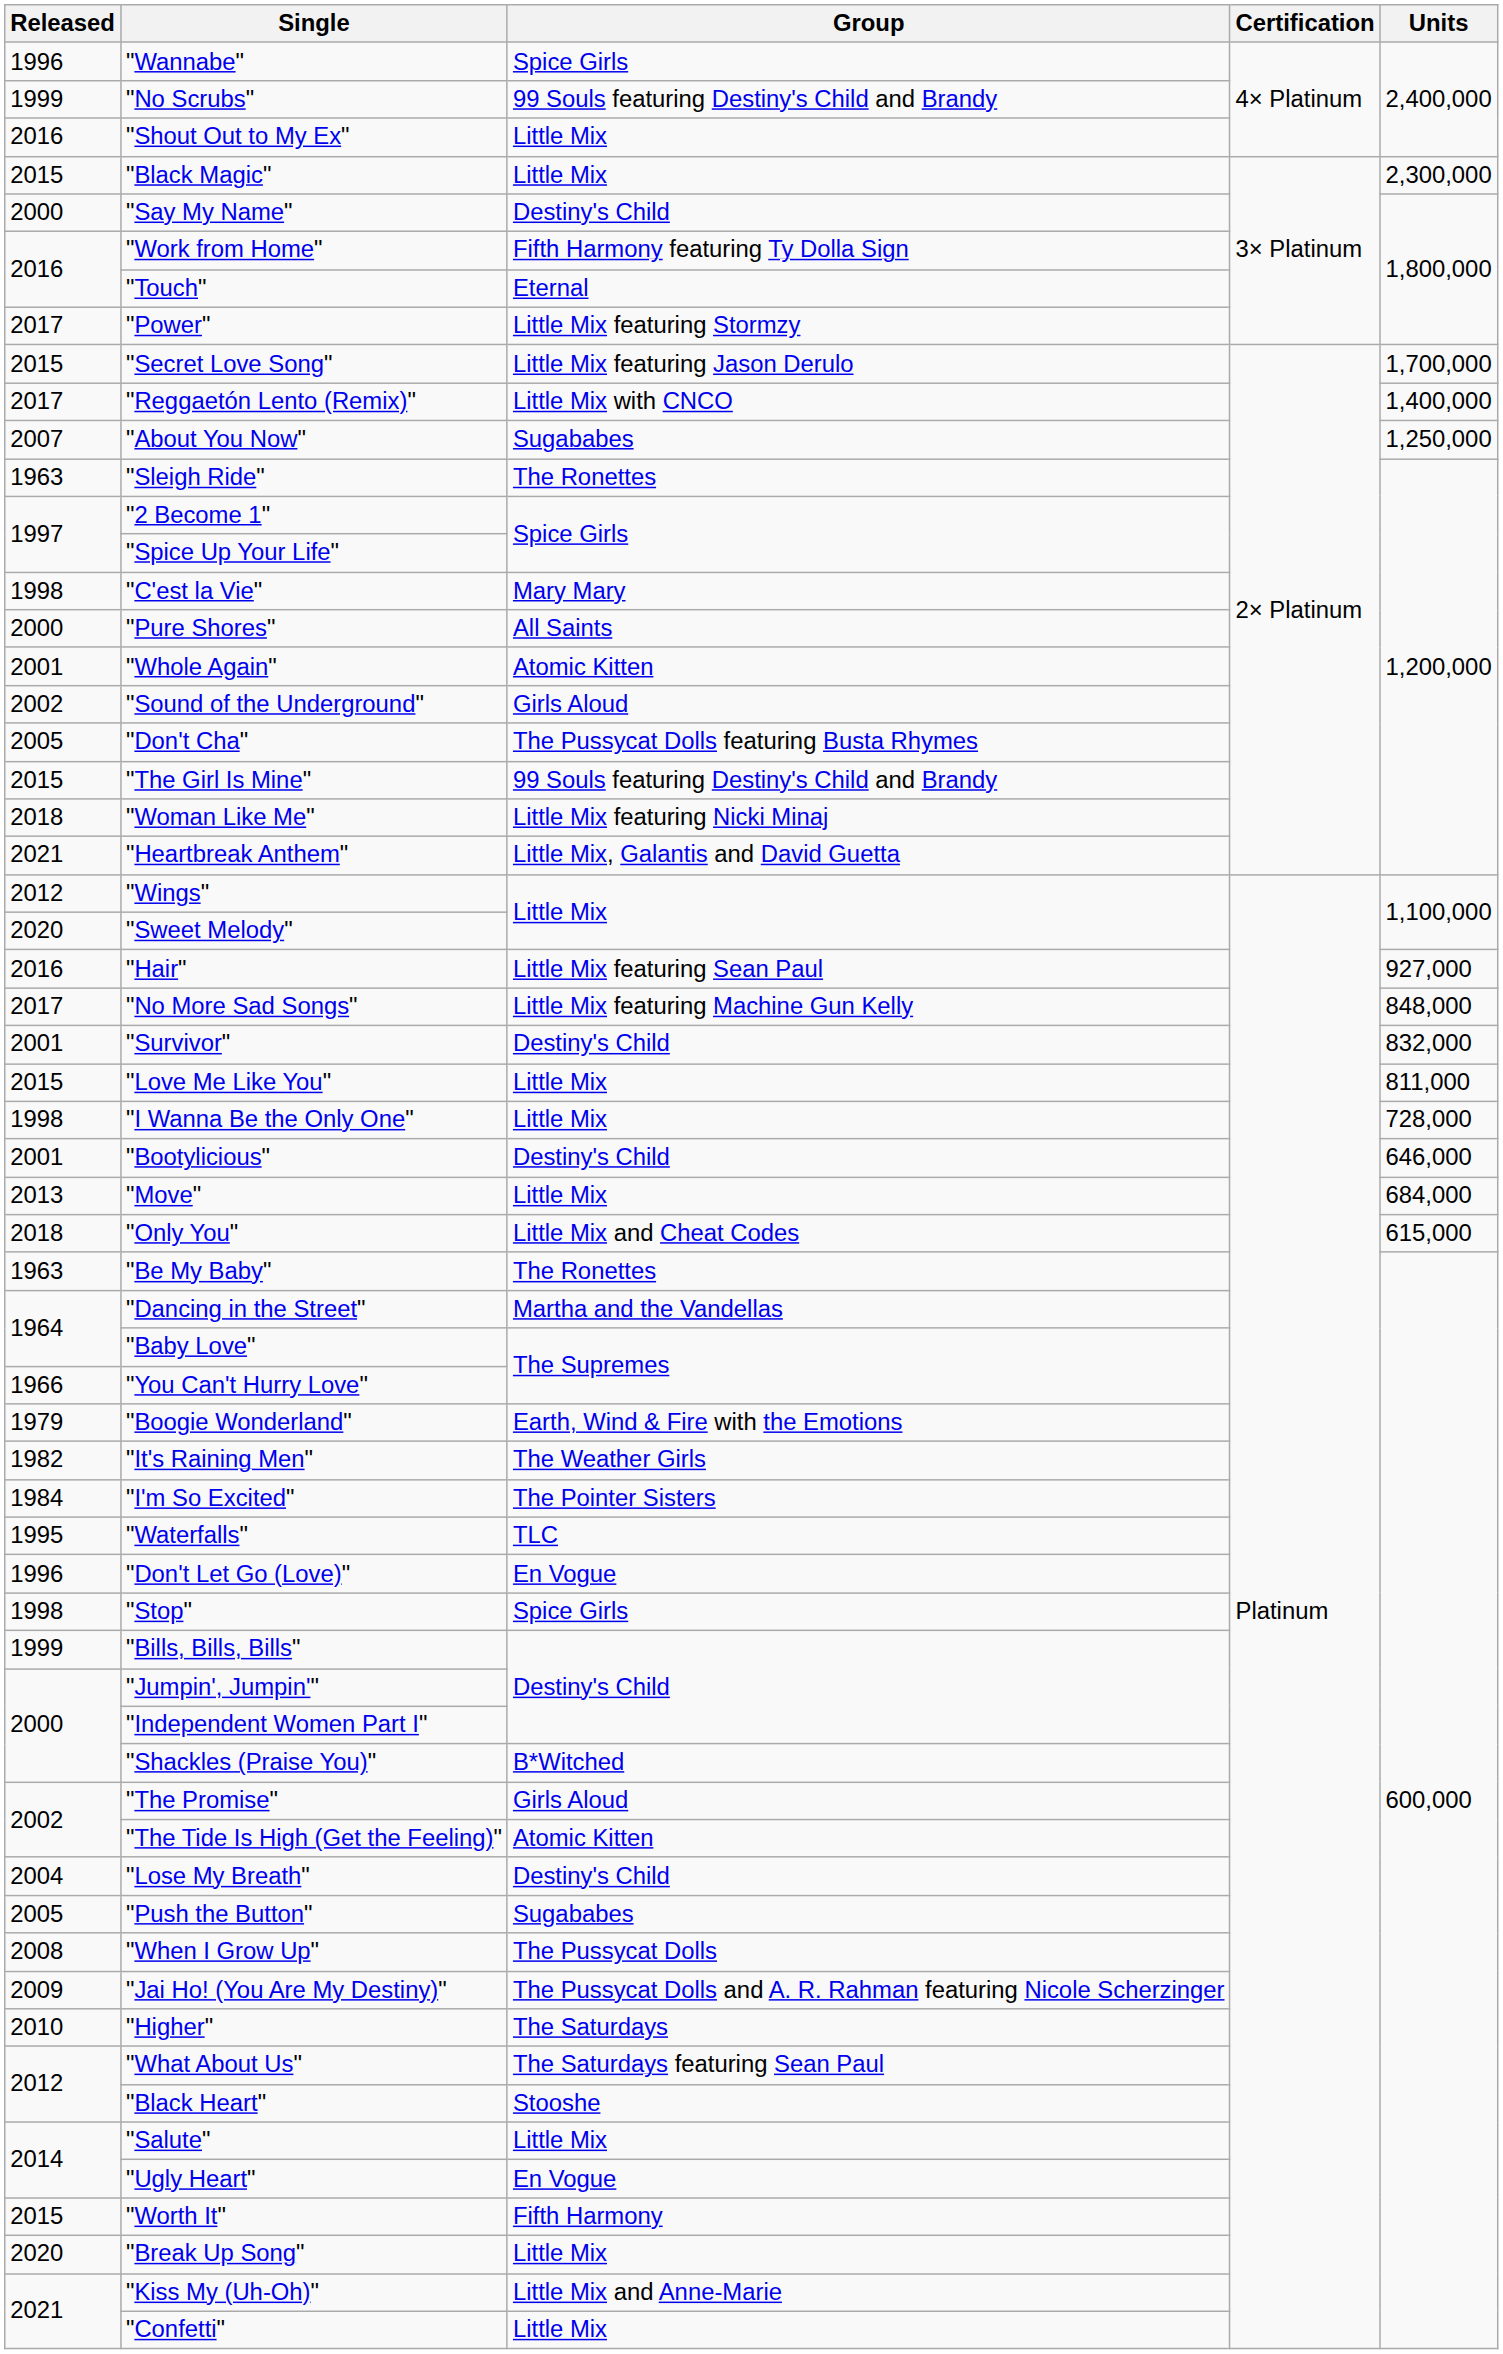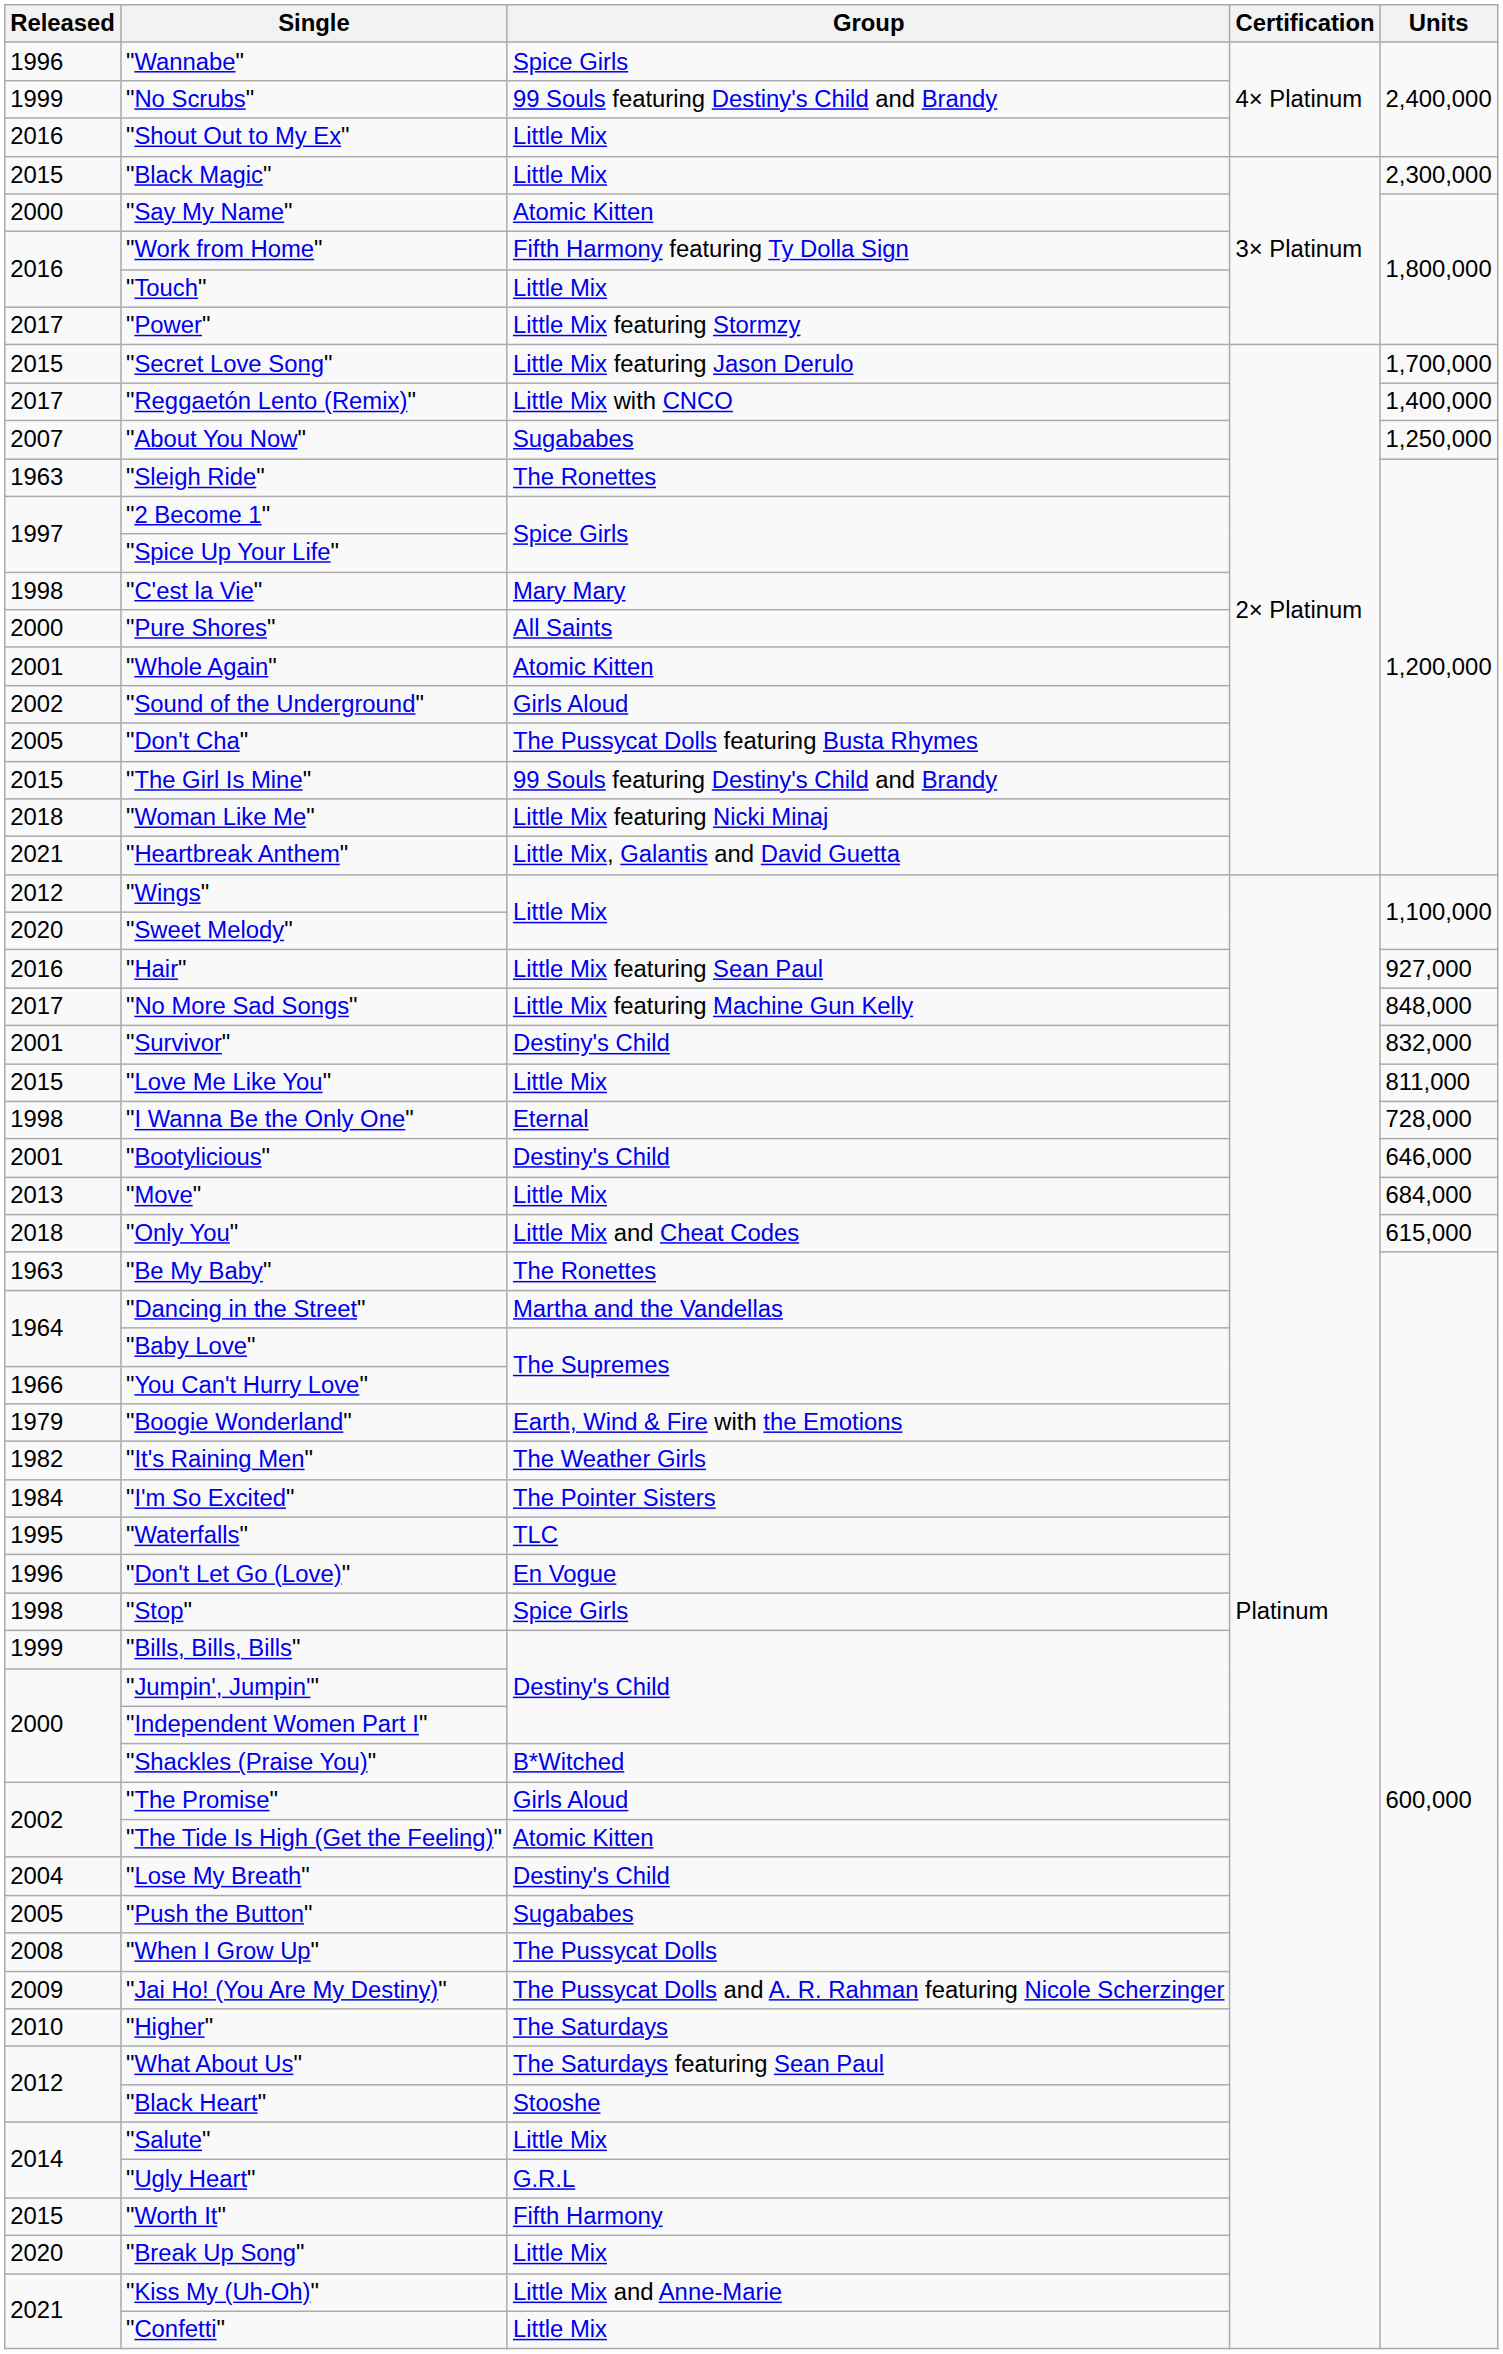 <table class="wikitable plainrowheaders sortable">
 <tr>
 <th>Released</th>
 <th>Single</th>
 <th>Group</th>
 <th>Certification</th>
 <th>Units</th>
 </tr>
 <tr>
 <td>1996</td>
 <td style="text-align:left;">"<a href='#'>Wannabe</a>"</td>
 <td><a href='#'>Spice Girls</a></td>
 <td rowspan="3">4× Platinum</td>
 <td rowspan="3">2,400,000</td>
 </tr>
 <tr>
 <td>1999</td>
 <td style="text-align:left;">"<a href='#'>No Scrubs</a>"</td>
 <td><a href='#'>99 Souls</a> featuring <a href='#'>Destiny's Child</a> and <a href='#'>Brandy</a></td>
 </tr>
 <tr>
 <td>2016</td>
 <td style="text-align:left;">"<a href='#'>Shout Out to My Ex</a>"</td>
 <td rowspan="1"><a href='#'>Little Mix</a></td>
 </tr>
 <tr>
 <td>2015</td>
 <td style="text-align:left;">"<a href='#'>Black Magic</a>"</td>
 <td rowspan="1"><a href='#'>Little Mix</a></td>
 <td rowspan="5">3× Platinum</td>
 <td>2,300,000</td>
 </tr>
 <tr>
 <td>2000</td>
 <td style="text-align:left;">"<a href='#'>Say My Name</a>"</td>
-<td><a href='#'>Destiny's Child</a></td>
+<td><a href='#'>Atomic Kitten</a></td>
 <td rowspan="4">1,800,000</td>
 </tr>
 <tr>
 <td rowspan="2">2016</td>
 <td style="text-align:left;">"<a href='#'>Work from Home</a>"</td>
 <td><a href='#'>Fifth Harmony</a> featuring <a href='#'>Ty Dolla Sign</a></td>
 </tr>
 <tr>
 <td style="text-align:left;">"<a href='#'>Touch</a>"</td>
-<td><a href='#'>Eternal</a></td>
+<td><a href='#'>Little Mix</a></td>
 </tr>
 <tr>
 <td rowspan="1">2017</td>
 <td style="text-align:left;">"<a href='#'>Power</a>"</td>
 <td><a href='#'>Little Mix</a> featuring <a href='#'>Stormzy</a></td>
 </tr>
 <tr>
 <td rowspan="1">2015</td>
 <td style="text-align:left;">"<a href='#'>Secret Love Song</a>"</td>
 <td><a href='#'>Little Mix</a> featuring <a href='#'>Jason Derulo</a></td>
 <td rowspan="14">2× Platinum</td>
 <td>1,700,000</td>
 </tr>
 <tr>
 <td>2017</td>
 <td style="text-align:left;">"<a href='#'>Reggaetón Lento (Remix)</a>"</td>
 <td><a href='#'>Little Mix</a> with <a href='#'>CNCO</a></td>
 <td>1,400,000</td>
 </tr>
 <tr>
 <td>2007</td>
 <td style="text-align:left;">"<a href='#'>About You Now</a>"</td>
 <td><a href='#'>Sugababes</a></td>
 <td>1,250,000</td>
 </tr>
 <tr>
 <td>1963</td>
 <td style="text-align:left;">"<a href='#'>Sleigh Ride</a>"</td>
 <td><a href='#'>The Ronettes</a></td>
 <td rowspan="11">1,200,000</td>
 </tr>
 <tr>
 <td rowspan="2">1997</td>
 <td style="text-align:left;">"<a href='#'>2 Become 1</a>"</td>
 <td rowspan="2"><a href='#'>Spice Girls</a></td>
 </tr>
 <tr>
 <td style="text-align:left;">"<a href='#'>Spice Up Your Life</a>"</td>
 </tr>
 <tr>
 <td rowspan="1">1998</td>
 <td style="text-align:left;">"<a href='#'>C'est la Vie</a>"</td>
 <td><a href='#'>Mary Mary</a></td>
 </tr>
 <tr>
 <td rowspan="1">2000</td>
 <td style="text-align:left;">"<a href='#'>Pure Shores</a>"</td>
 <td><a href='#'>All Saints</a></td>
 </tr>
 <tr>
 <td>2001</td>
 <td style="text-align:left;">"<a href='#'>Whole Again</a>"</td>
 <td><a href='#'>Atomic Kitten</a></td>
 </tr>
 <tr>
 <td>2002</td>
 <td style="text-align:left;">"<a href='#'>Sound of the Underground</a>"</td>
 <td><a href='#'>Girls Aloud</a></td>
 </tr>
 <tr>
 <td>2005</td>
 <td style="text-align:left;">"<a href='#'>Don't Cha</a>"</td>
 <td><a href='#'>The Pussycat Dolls</a> featuring  <a href='#'>Busta Rhymes</a></td>
 </tr>
 <tr>
 <td>2015</td>
 <td style="text-align:left;">"<a href='#'>The Girl Is Mine</a>"</td>
 <td><a href='#'>99 Souls</a> featuring <a href='#'>Destiny's Child</a> and <a href='#'>Brandy</a></td>
 </tr>
 <tr>
 <td>2018</td>
 <td style="text-align:left;">"<a href='#'>Woman Like Me</a>"</td>
 <td><a href='#'>Little Mix</a> featuring <a href='#'>Nicki Minaj</a></td>
 </tr>
 <tr>
 <td>2021</td>
 <td style="text-align:left;">"<a href='#'>Heartbreak Anthem</a>"</td>
 <td><a href='#'>Little Mix</a>, <a href='#'>Galantis</a> and <a href='#'>David Guetta</a></td>
 </tr>
 <tr>
 <td>2012</td>
 <td style="text-align:left;">"<a href='#'>Wings</a>"</td>
 <td rowspan="2"><a href='#'>Little Mix</a></td>
 <td rowspan="39">Platinum</td>
 <td rowspan="2">1,100,000</td>
 </tr>
 <tr>
 <td>2020</td>
 <td style="text-align:left;">"<a href='#'>Sweet Melody</a>"</td>
 </tr>
 <tr>
 <td>2016</td>
 <td style="text-align:left;">"<a href='#'>Hair</a>"</td>
 <td><a href='#'>Little Mix</a> featuring <a href='#'>Sean Paul</a></td>
 <td>927,000</td>
 </tr>
 <tr>
 <td>2017</td>
 <td style="text-align:left;">"<a href='#'>No More Sad Songs</a>"</td>
 <td><a href='#'>Little Mix</a> featuring <a href='#'>Machine Gun Kelly</a></td>
 <td>848,000</td>
 </tr>
 <tr>
 <td>2001</td>
 <td style="text-align:left;">"<a href='#'>Survivor</a>"</td>
 <td><a href='#'>Destiny's Child</a></td>
 <td>832,000</td>
 </tr>
 <tr>
 <td>2015</td>
 <td style="text-align:left;">"<a href='#'>Love Me Like You</a>"</td>
 <td><a href='#'>Little Mix</a></td>
 <td>811,000</td>
 </tr>
 <tr>
 <td rowspan="1">1998</td>
 <td style="text-align:left;">"<a href='#'>I Wanna Be the Only One</a>"</td>
-<td><a href='#'>Little Mix</a></td>
+<td><a href='#'>Eternal</a></td>
 <td>728,000</td>
 </tr>
 <tr>
 <td>2001</td>
 <td style="text-align:left;">"<a href='#'>Bootylicious</a>"</td>
 <td><a href='#'>Destiny's Child</a></td>
 <td>646,000</td>
 </tr>
 <tr>
 <td>2013</td>
 <td style="text-align:left;">"<a href='#'>Move</a>"</td>
 <td><a href='#'>Little Mix</a></td>
 <td>684,000</td>
 </tr>
 <tr>
 <td>2018</td>
 <td style="text-align:left;">"<a href='#'>Only You</a>"</td>
 <td><a href='#'>Little Mix</a> and <a href='#'>Cheat Codes</a></td>
 <td>615,000</td>
 </tr>
 <tr>
 <td>1963</td>
 <td style="text-align:left;">"<a href='#'>Be My Baby</a>"</td>
 <td><a href='#'>The Ronettes</a></td>
 <td rowspan="31">600,000</td>
 </tr>
 <tr>
 <td rowspan="2">1964</td>
 <td style="text-align:left;">"<a href='#'>Dancing in the Street</a>"</td>
 <td><a href='#'>Martha and the Vandellas</a></td>
 </tr>
 <tr>
 <td style="text-align:left;">"<a href='#'>Baby Love</a>"</td>
 <td rowspan="2"><a href='#'>The Supremes</a></td>
 </tr>
 <tr>
 <td rowspan="1">1966</td>
 <td style="text-align:left;">"<a href='#'>You Can't Hurry Love</a>"</td>
 </tr>
 <tr>
 <td rowspan="1">1979</td>
 <td style="text-align:left;">"<a href='#'>Boogie Wonderland</a>"</td>
 <td><a href='#'>Earth, Wind & Fire</a> with <a href='#'>the Emotions</a></td>
 </tr>
 <tr>
 <td rowspan="1">1982</td>
 <td style="text-align:left;">"<a href='#'>It's Raining Men</a>"</td>
 <td><a href='#'>The Weather Girls</a></td>
 </tr>
 <tr>
 <td rowspan="1">1984</td>
 <td style="text-align:left;">"<a href='#'>I'm So Excited</a>"</td>
 <td><a href='#'>The Pointer Sisters</a></td>
 </tr>
 <tr>
 <td rowspan="1">1995</td>
 <td style="text-align:left;">"<a href='#'>Waterfalls</a>"</td>
 <td><a href='#'>TLC</a></td>
 </tr>
 <tr>
 <td rowspan="1">1996</td>
 <td style="text-align:left;">"<a href='#'>Don't Let Go (Love)</a>"</td>
 <td><a href='#'>En Vogue</a></td>
 </tr>
 <tr>
 <td rowspan="1">1998</td>
 <td style="text-align:left;">"<a href='#'>Stop</a>"</td>
 <td><a href='#'>Spice Girls</a></td>
 </tr>
 <tr>
 <td rowspan="1">1999</td>
 <td style="text-align:left;">"<a href='#'>Bills, Bills, Bills</a>"</td>
 <td rowspan="3"><a href='#'>Destiny's Child</a></td>
 </tr>
 <tr>
 <td rowspan="3">2000</td>
 <td style="text-align:left;">"<a href='#'>Jumpin', Jumpin'</a>"</td>
 </tr>
 <tr>
 <td style="text-align:left;">"<a href='#'>Independent Women Part I</a>"</td>
 </tr>
 <tr>
 <td style="text-align:left;">"<a href='#'>Shackles (Praise You)</a>"</td>
 <td><a href='#'>B*Witched</a></td>
 </tr>
 <tr>
 <td rowspan="2">2002</td>
 <td style="text-align:left;">"<a href='#'>The Promise</a>"</td>
 <td><a href='#'>Girls Aloud</a></td>
 </tr>
 <tr>
 <td style="text-align:left;">"<a href='#'>The Tide Is High (Get the Feeling)</a>"</td>
 <td><a href='#'>Atomic Kitten</a></td>
 </tr>
 <tr>
 <td>2004</td>
 <td style="text-align:left;">"<a href='#'>Lose My Breath</a>"</td>
 <td><a href='#'>Destiny's Child</a></td>
 </tr>
 <tr>
 <td>2005</td>
 <td style="text-align:left;">"<a href='#'>Push the Button</a>"</td>
 <td><a href='#'>Sugababes</a></td>
 </tr>
 <tr>
 <td>2008</td>
 <td style="text-align:left;">"<a href='#'>When I Grow Up</a>"</td>
 <td><a href='#'>The Pussycat Dolls</a></td>
 </tr>
 <tr>
 <td>2009</td>
 <td style="text-align:left;">"<a href='#'>Jai Ho! (You Are My Destiny)</a>"</td>
 <td><a href='#'>The Pussycat Dolls</a> and <a href='#'>A. R. Rahman</a> featuring <a href='#'>Nicole Scherzinger</a></td>
 </tr>
 <tr>
 <td>2010</td>
 <td style="text-align:left;">"<a href='#'>Higher</a>"</td>
 <td><a href='#'>The Saturdays</a></td>
 </tr>
 <tr>
 <td rowspan="2">2012</td>
 <td style="text-align:left;">"<a href='#'>What About Us</a>"</td>
 <td><a href='#'>The Saturdays</a> featuring <a href='#'>Sean Paul</a></td>
 </tr>
 <tr>
 <td style="text-align:left;">"<a href='#'>Black Heart</a>"</td>
 <td><a href='#'>Stooshe</a></td>
 </tr>
 <tr>
 <td rowspan="2">2014</td>
 <td style="text-align:left;">"<a href='#'>Salute</a>"</td>
 <td><a href='#'>Little Mix</a></td>
 </tr>
 <tr>
 <td style="text-align:left;">"<a href='#'>Ugly Heart</a>"</td>
-<td><a href='#'>En Vogue</a></td>
+<td><a href='#'>G.R.L</a></td>
 </tr>
 <tr>
 <td>2015</td>
 <td style="text-align:left;">"<a href='#'>Worth It</a>"</td>
 <td><a href='#'>Fifth Harmony</a></td>
 </tr>
 <tr>
 <td>2020</td>
 <td style="text-align:left;">"<a href='#'>Break Up Song</a>"</td>
 <td><a href='#'>Little Mix</a></td>
 </tr>
 <tr>
 <td rowspan="2">2021</td>
 <td style="text-align:left;">"<a href='#'>Kiss My (Uh-Oh)</a>"</td>
 <td><a href='#'>Little Mix</a> and <a href='#'>Anne-Marie</a></td>
 </tr>
 <tr>
 <td style="text-align:left;">"<a href='#'>Confetti</a>"</td>
 <td><a href='#'>Little Mix</a></td>
 </tr>
 </table>
